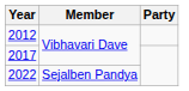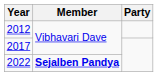 <table class="wikitable sortable">
 <tr>
 <th>Year</th>
 <th>Member</th>
 <th colspan="2">Party</th>
 </tr>
 <tr>
 <td><a href='#'>2012</a></td>
 <td rowspan=2><a href='#'>Vibhavari Dave</a></td>
 <td></td>
 </tr>
 <tr>
 <td><a href='#'>2017</a></td>
 </tr>
 <tr>
 <td><a href='#'>2022</a></td>
-<td><a href='#'>Sejalben Pandya</a></td>
+<td><strong><a href='#'>Sejalben Pandya</a></strong></td>
 </tr>
 </table>
